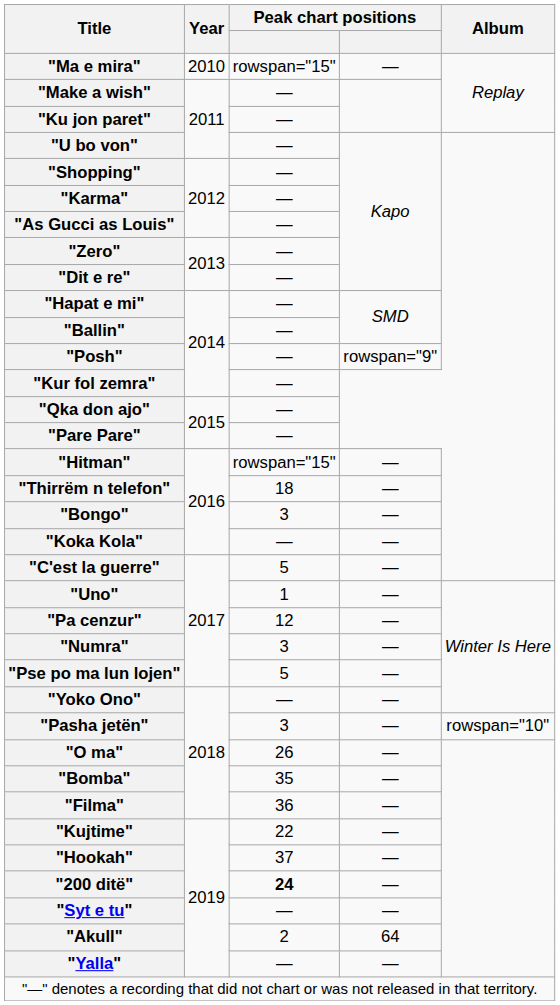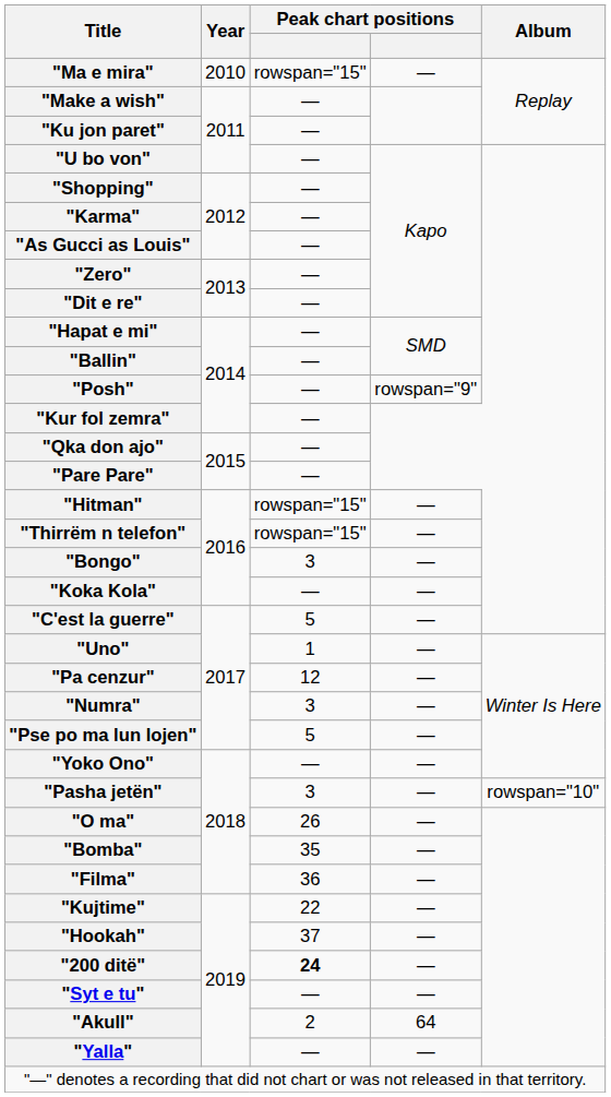 <table class="wikitable plainrowheaders" style="text-align:center;">
 <tr>
 <th scope="col" rowspan="2">Title</th>
 <th scope="col" rowspan="2">Year</th>
 <th scope="col" colspan="2">Peak chart positions</th>
 <th scope="col" rowspan="2">Album</th>
 </tr>
 <tr>
 <th style="width:3em; font-size:85%;"><a href='#'></a><br></th>
 <th style="width:3em; font-size:85%;"><a href='#'></a><br></th>
 </tr>
 <tr>
 <th scope="row">"Ma e mira"</th>
 <td rowspan="1">2010</td>
 <td>rowspan="15" </td>
 <td>—</td>
 <td rowspan="3"><em>Replay</em></td>
 </tr>
 <tr>
 <th scope="row">"Make a wish"</th>
 <td rowspan="3">2011</td>
 <td>—</td>
 </tr>
 <tr>
 <th scope="row">"Ku jon paret"</th>
 <td>—</td>
 </tr>
 <tr>
 <th scope="row">"U bo von"</th>
 <td>—</td>
 <td rowspan="6"><em>Kapo</em></td>
 </tr>
 <tr>
 <th scope="row">"Shopping"</th>
 <td rowspan="3">2012</td>
 <td>—</td>
 </tr>
 <tr>
 <th scope="row">"Karma"</th>
 <td>—</td>
 </tr>
 <tr>
 <th scope="row">"As Gucci as Louis"<br></th>
 <td>—</td>
 </tr>
 <tr>
 <th scope="row">"Zero"</th>
 <td rowspan="2">2013</td>
 <td>—</td>
 </tr>
 <tr>
 <th scope="row">"Dit e re"</th>
 <td>—</td>
 </tr>
 <tr>
 <th scope="row">"Hapat e mi"<br></th>
 <td rowspan="4">2014</td>
 <td>—</td>
 <td rowspan="2"><em>SMD</em></td>
 </tr>
 <tr>
 <th scope="row">"Ballin"<br></th>
 <td>—</td>
 </tr>
 <tr>
 <th scope="row">"Posh"<br></th>
 <td>—</td>
 <td>rowspan="9" </td>
 </tr>
 <tr>
 <th scope="row">"Kur fol zemra"</th>
 <td>—</td>
 </tr>
 <tr>
 <th scope="row">"Qka don ajo"<br></th>
 <td rowspan="2">2015</td>
 <td>—</td>
 </tr>
 <tr>
 <th scope="row">"Pare Pare"</th>
 <td>—</td>
 </tr>
 <tr>
 <th scope="row">"Hitman"</th>
 <td rowspan="4">2016</td>
 <td>rowspan="15" </td>
 <td>—</td>
 </tr>
 <tr>
 <th scope="row">"Thirrëm n telefon"<br></th>
-<td>18</td>
+<td>rowspan="15" </td>
 <td>—</td>
 </tr>
 <tr>
 <th scope="row">"Bongo"<br></th>
 <td>3</td>
 <td>—</td>
 </tr>
 <tr>
 <th scope="row">"Koka Kola"</th>
 <td>—</td>
 <td>—</td>
 </tr>
 <tr>
 <th scope="row">"C'est la guerre"<br></th>
 <td rowspan="5">2017</td>
 <td>5</td>
 <td>—</td>
 </tr>
 <tr>
 <th scope="row">"Uno"</th>
 <td>1</td>
 <td>—</td>
 <td rowspan="5"><em>Winter Is Here</em></td>
 </tr>
 <tr>
 <th scope="row">"Pa cenzur"<br></th>
 <td>12</td>
 <td>—</td>
 </tr>
 <tr>
 <th scope="row">"Numra"<br></th>
 <td>3</td>
 <td>—</td>
 </tr>
 <tr>
 <th scope="row">"Pse po ma lun lojen"</th>
 <td>5</td>
 <td>—</td>
 </tr>
 <tr>
 <th scope="row">"Yoko Ono"</th>
 <td rowspan="5">2018</td>
 <td>—</td>
 <td>—</td>
 </tr>
 <tr>
 <th scope="row">"Pasha jetën"<br></th>
 <td>3</td>
 <td>—</td>
 <td>rowspan="10" </td>
 </tr>
 <tr>
 <th scope="row">"O ma"</th>
 <td>26</td>
 <td>—</td>
 </tr>
 <tr>
 <th scope="row">"Bomba"</th>
 <td>35</td>
 <td>—</td>
 </tr>
 <tr>
 <th scope="row">"Filma"</th>
 <td>36</td>
 <td>—</td>
 </tr>
 <tr>
 <th scope="row">"Kujtime"</th>
 <td rowspan="6">2019</td>
 <td>22</td>
 <td>—</td>
 </tr>
 <tr>
 <th scope="row">"Hookah"</th>
 <td>37</td>
 <td>—</td>
 </tr>
 <tr>
 <th scope="row">"200 ditë"<br></th>
 <td><strong>24</strong></td>
 <td>—</td>
 </tr>
 <tr>
 <th scope="row">"<a href='#'>Syt e tu</a>"</th>
 <td>—</td>
 <td>—</td>
 </tr>
 <tr>
 <th scope="row">"Akull"</th>
 <td>2</td>
 <td>64</td>
 </tr>
 <tr>
 <th scope="row">"<a href='#'>Yalla</a>"<br></th>
 <td>—</td>
 <td>—</td>
 </tr>
 <tr>
 <td colspan="5" style="font-size:90%">"—" denotes a recording that did not chart or was not released in that territory.</td>
 </tr>
 </table>
